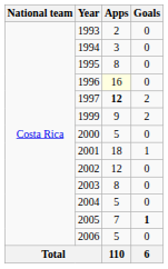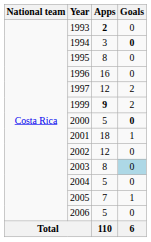 <table class="wikitable" style="text-align:center">
 <tr>
 <th>National team</th>
 <th>Year</th>
 <th>Apps</th>
 <th>Goals</th>
 </tr>
 <tr>
 <td rowspan="13"><a href='#'>Costa Rica</a></td>
 <td>1993</td>
-<td>2</td>
+<td><strong>2</strong></td>
 <td>0</td>
 </tr>
 <tr>
 <td>1994</td>
 <td>3</td>
-<td>0</td>
+<td><strong>0</strong></td>
 </tr>
 <tr>
 <td>1995</td>
 <td>8</td>
 <td>0</td>
 </tr>
 <tr>
 <td>1996</td>
-<td style="background: lightyellow;">16</td>
+<td>16</td>
 <td>0</td>
 </tr>
 <tr>
 <td>1997</td>
-<td><strong>12</strong></td>
+<td>12</td>
 <td>2</td>
 </tr>
 <tr>
 <td>1999</td>
-<td>9</td>
+<td><strong>9</strong></td>
 <td>2</td>
 </tr>
 <tr>
 <td>2000</td>
 <td>5</td>
-<td>0</td>
+<td><strong>0</strong></td>
 </tr>
 <tr>
 <td>2001</td>
 <td>18</td>
 <td>1</td>
 </tr>
 <tr>
 <td>2002</td>
 <td>12</td>
 <td>0</td>
 </tr>
 <tr>
 <td>2003</td>
 <td>8</td>
-<td>0</td>
+<td style="background: lightblue;">0</td>
 </tr>
 <tr>
 <td>2004</td>
 <td>5</td>
 <td>0</td>
 </tr>
 <tr>
 <td>2005</td>
 <td>7</td>
-<td><strong>1</strong></td>
+<td>1</td>
 </tr>
 <tr>
 <td>2006</td>
 <td>5</td>
 <td>0</td>
 </tr>
 <tr>
 <th colspan="2">Total</th>
 <th>110</th>
 <th>6</th>
 </tr>
 </table>
